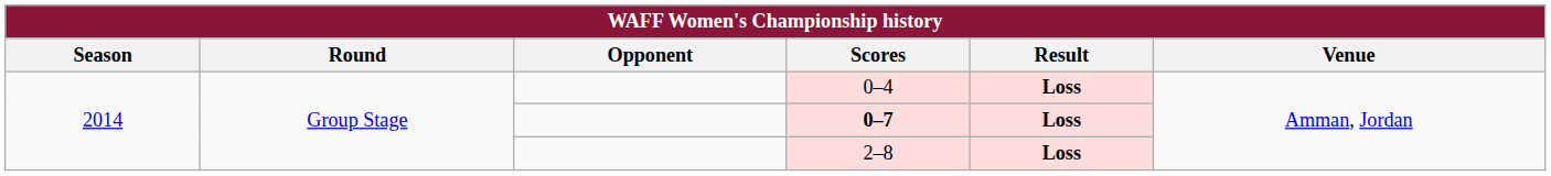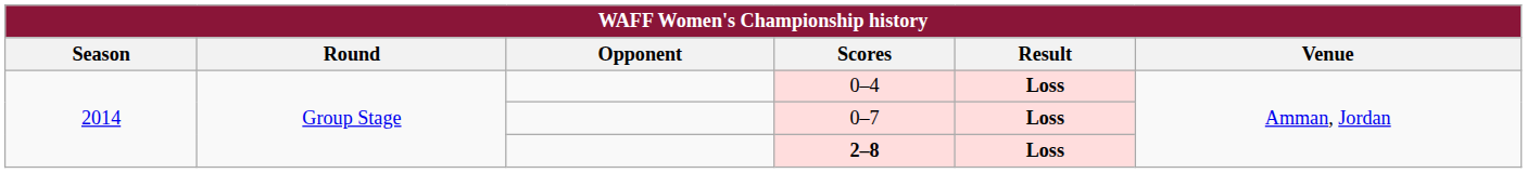 <table class="wikitable collapsible collapsed" style="text-align:center; font-size:90%; width:70%;">
 <tr>
 <th colspan="6" style="background: #8A1538; color: #FFFFFF;">WAFF Women's Championship history</th>
 </tr>
 <tr>
 <th>Season</th>
 <th>Round</th>
 <th>Opponent</th>
 <th>Scores</th>
 <th>Result</th>
 <th>Venue</th>
 </tr>
 <tr>
 <td rowspan=3> <a href='#'>2014</a></td>
 <td rowspan=3><a href='#'>Group Stage</a></td>
 <td style="text-align:left"></td>
 <td style="background:#fdd;">0–4</td>
 <td style="background:#fdd;"><strong>Loss</strong></td>
 <td rowspan=3> <a href='#'>Amman</a>, <a href='#'>Jordan</a></td>
 </tr>
 <tr>
 <td style="text-align:left"></td>
-<td style="background:#fdd;"><strong>0–7</strong></td>
+<td style="background:#fdd;">0–7</td>
 <td style="background:#fdd;"><strong>Loss</strong></td>
 </tr>
 <tr>
 <td style="text-align:left"></td>
-<td style="background:#fdd;">2–8</td>
+<td style="background:#fdd;"><strong>2–8</strong></td>
 <td style="background:#fdd;"><strong>Loss</strong></td>
 </tr>
 </table>
